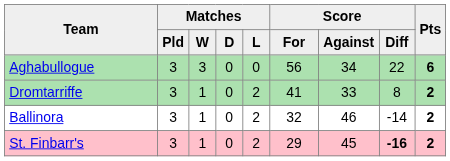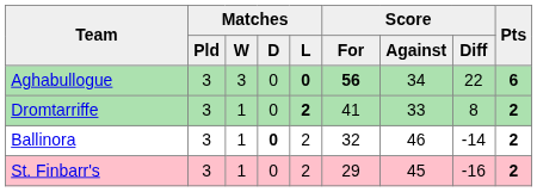 <table style=border-collapse:collapse border=1 cellspacing=0 cellpadding=5>
 <tr align=center bgcolor=#efefef>
 <th rowspan=2 width=165>Team</th>
 <th colspan=4>Matches</th>
 <th colspan=3>Score</th>
 <th rowspan=2width=20>Pts</th>
 </tr>
 <tr align=center bgcolor=#efefef>
 <th width=20>Pld</th>
 <th width=20>W</th>
 <th width=20>D</th>
 <th width=20>L</th>
 <th width=45>For</th>
 <th width=45>Against</th>
 <th width=30>Diff</th>
 </tr>
 <tr align=center style="background:#ACE1AF;">
 <td style="text-align:left;"><a href='#'>Aghabullogue</a></td>
 <td>3</td>
 <td>3</td>
 <td>0</td>
-<td>0</td>
-<td>56</td>
+<td><strong>0</strong></td>
+<td><strong>56</strong></td>
 <td>34</td>
 <td>22</td>
 <td><strong>6</strong></td>
 </tr>
 <tr align=center style="background:#ACE1AF;">
 <td style="text-align:left;"><a href='#'>Dromtarriffe</a></td>
 <td>3</td>
 <td>1</td>
 <td>0</td>
-<td>2</td>
+<td><strong>2</strong></td>
 <td>41</td>
 <td>33</td>
 <td>8</td>
 <td><strong>2</strong></td>
 </tr>
 <tr align=center>
 <td style="text-align:left;"><a href='#'>Ballinora</a></td>
 <td>3</td>
 <td>1</td>
-<td>0</td>
+<td><strong>0</strong></td>
 <td>2</td>
 <td>32</td>
 <td>46</td>
 <td>-14</td>
 <td><strong>2</strong></td>
 </tr>
 <tr align=center style="background:#FFC0CB;">
 <td style="text-align:left;"><a href='#'>St. Finbarr's</a></td>
 <td>3</td>
 <td>1</td>
 <td>0</td>
 <td>2</td>
 <td>29</td>
 <td>45</td>
-<td><strong>-16</strong></td>
+<td>-16</td>
 <td><strong>2</strong></td>
 </tr>
 </table>
